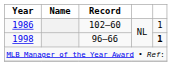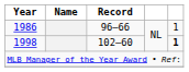 <table class="wikitable sortable plainrowheaders" style="font-size: 95%; text-align:center">
 <tr>
 <th scope="col" style="background-color:#ffffff; border-top:#">Year</th>
 <th scope="col" style="background-color:#ffffff; border-top:#">Name</th>
 <th scope="col" style="background-color:#ffffff; border-top:#">Record</th>
 <th scope="col" style="background-color:#ffffff; border-top:#"></th>
 <th scope="col" style="background-color:#ffffff; border-top:#"></th>
 </tr>
 <tr>
 <td><a href='#'>1986</a></td>
 <th scope="row" style="text-align:center"></th>
-<td>102–60</td>
+<td>96–66</td>
 <td rowspan="2">NL</td>
 <td>1</td>
 </tr>
 <tr>
 <td><a href='#'>1998</a></td>
 <th scope="row" style="text-align:center"></th>
-<td>96–66</td>
+<td>102–60</td>
 <td><strong>1</strong></td>
 </tr>
 <tr class="sortbottom">
 <td style="text-align:right"; colspan="5"><small><a href='#'>MLB Manager of the Year Award</a> • <em>Ref</em>:</small></td>
 </tr>
 <tr>
 </tr>
 </table>
